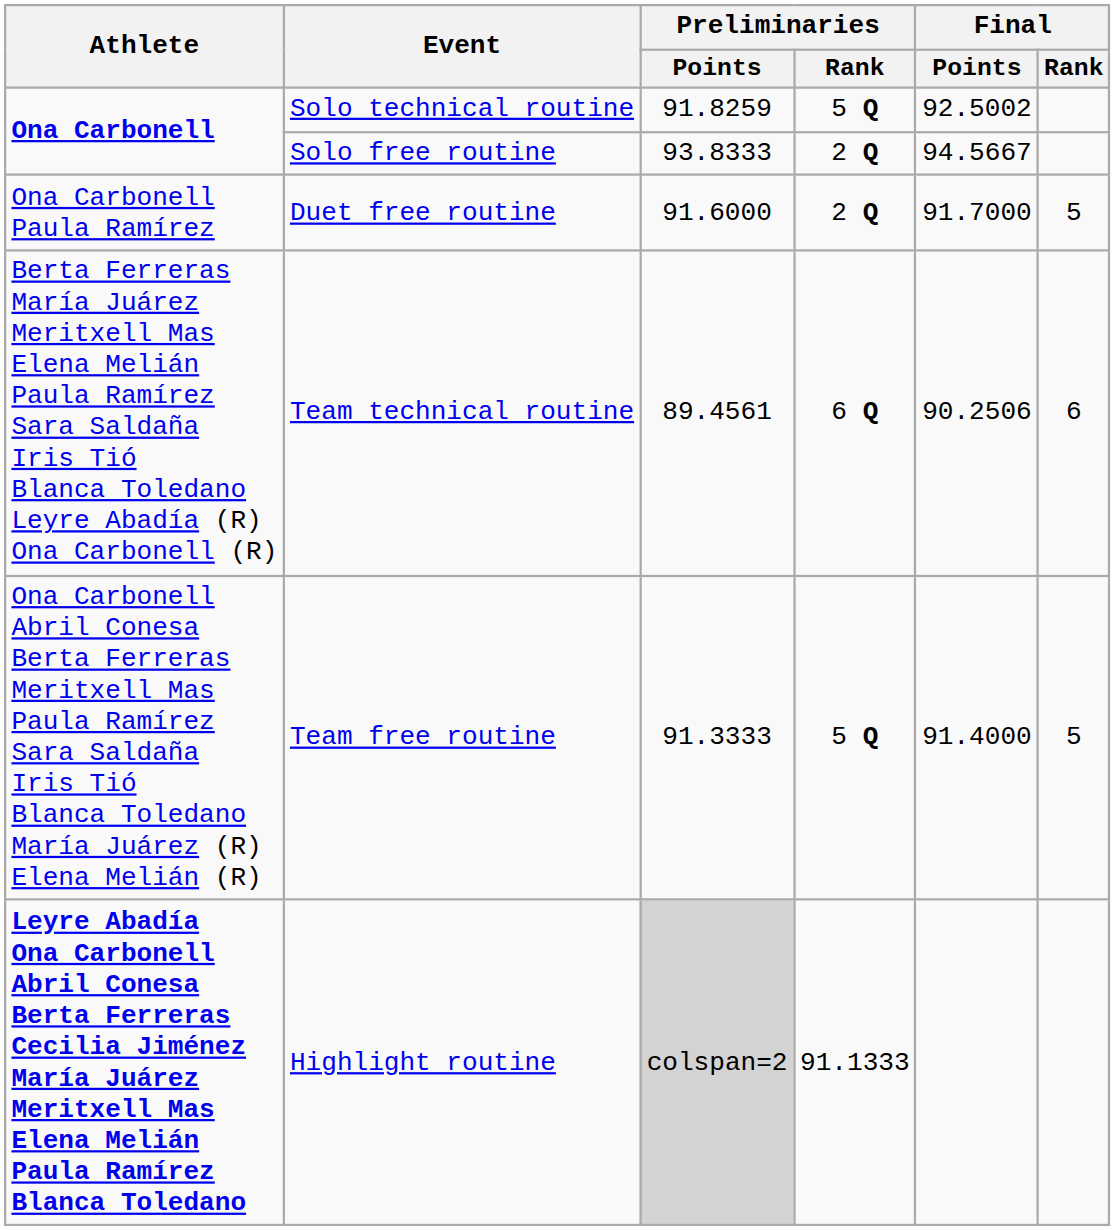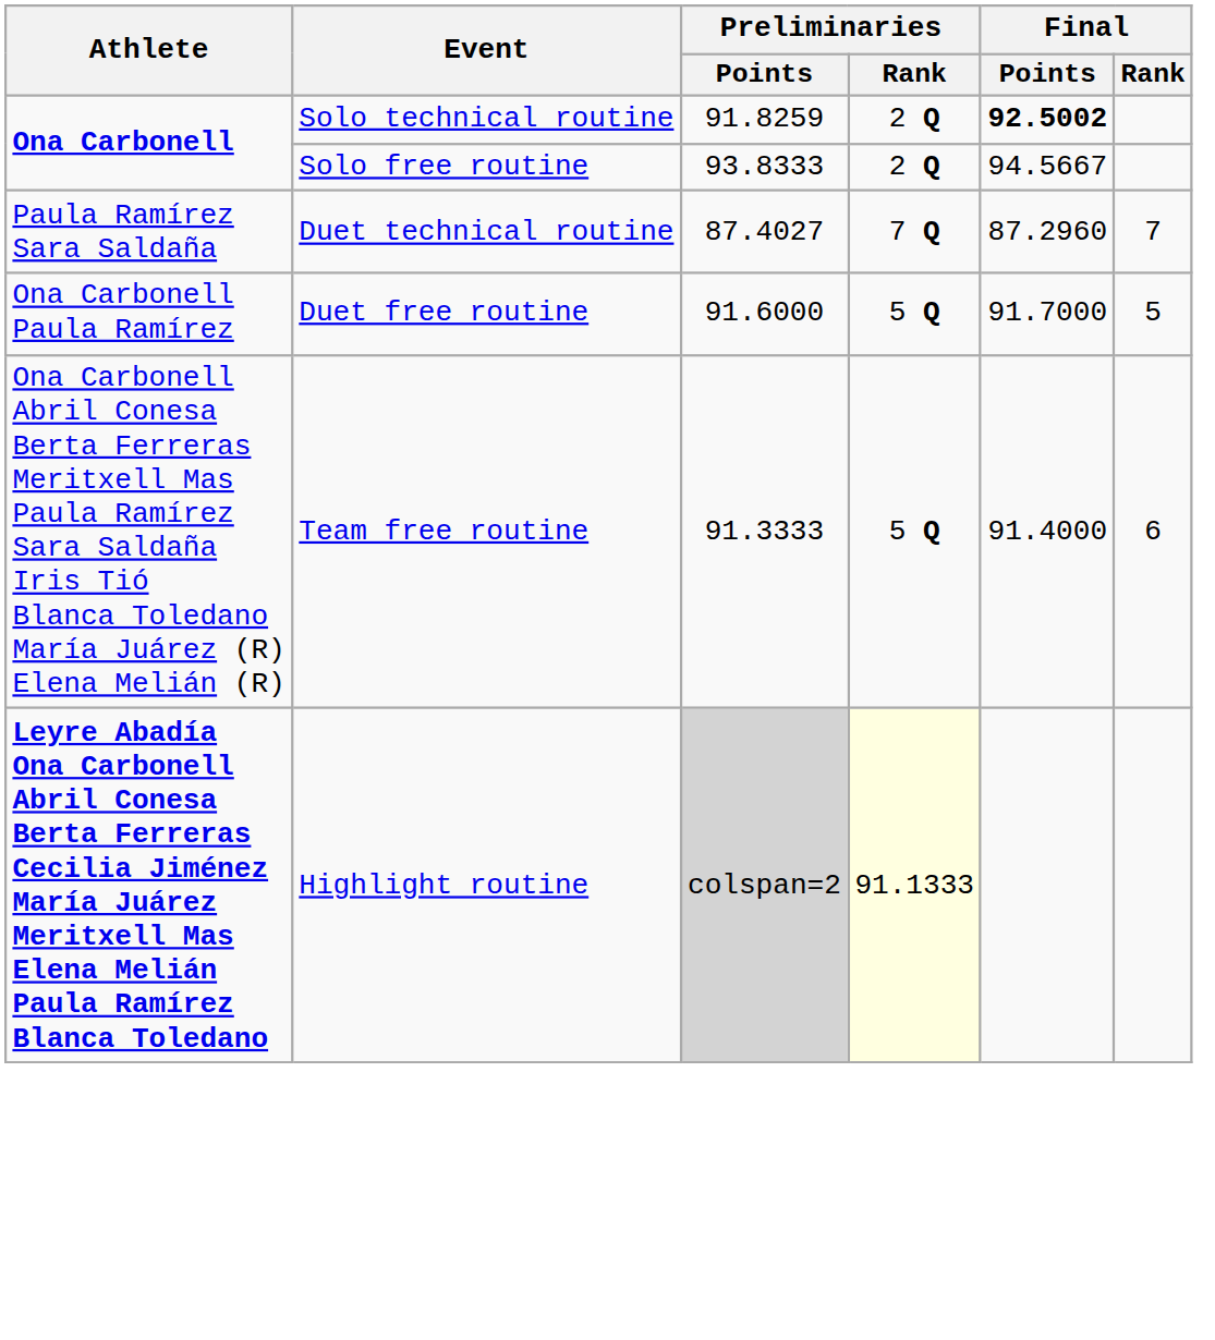 <table class=wikitable style="font-size:90%">
 <tr>
 <th rowspan="2">Athlete</th>
 <th rowspan="2">Event</th>
 <th colspan="2">Preliminaries</th>
 <th colspan="2">Final</th>
 </tr>
 <tr style="font-size:95%">
 <th>Points</th>
 <th>Rank</th>
 <th>Points</th>
 <th>Rank</th>
 </tr>
 <tr align=center>
 <td align=left rowspan=2><strong><a href='#'>Ona Carbonell</a></strong></td>
 <td align=left><a href='#'>Solo technical routine</a></td>
 <td>91.8259</td>
-<td>5 <strong>Q</strong></td>
-<td>92.5002</td>
+<td>2 <strong>Q</strong></td>
+<td><strong>92.5002</strong></td>
 <td></td>
 </tr>
 <tr align=center>
 <td align=left><a href='#'>Solo free routine</a></td>
 <td>93.8333</td>
 <td>2 <strong>Q</strong></td>
 <td>94.5667</td>
 <td></td>
 </tr>
 <tr align=center>
+<td align=left><a href='#'>Paula Ramírez</a><br><a href='#'>Sara Saldaña</a></td>
+<td align=left><a href='#'>Duet technical routine</a></td>
+<td>87.4027</td>
+<td>7 <strong>Q</strong></td>
+<td>87.2960</td>
+<td>7</td>
+</tr>
+<tr align=center>
 <td align=left><a href='#'>Ona Carbonell</a><br><a href='#'>Paula Ramírez</a></td>
 <td align=left><a href='#'>Duet free routine</a></td>
 <td>91.6000</td>
-<td>2 <strong>Q</strong></td>
+<td>5 <strong>Q</strong></td>
 <td>91.7000</td>
 <td>5</td>
-</tr>
-<tr align=center>
-<td align=left><a href='#'>Berta Ferreras</a><br><a href='#'>María Juárez</a><br><a href='#'>Meritxell Mas</a><br><a href='#'>Elena Melián</a><br><a href='#'>Paula Ramírez</a><br><a href='#'>Sara Saldaña</a><br><a href='#'>Iris Tió</a><br><a href='#'>Blanca Toledano</a><br><a href='#'>Leyre Abadía</a> (R)<br><a href='#'>Ona Carbonell</a> (R)</td>
-<td align=left><a href='#'>Team technical routine</a></td>
-<td>89.4561</td>
-<td>6 <strong>Q</strong></td>
-<td>90.2506</td>
-<td>6</td>
 </tr>
 <tr align=center>
 <td align=left><a href='#'>Ona Carbonell</a><br><a href='#'>Abril Conesa</a><br><a href='#'>Berta Ferreras</a><br><a href='#'>Meritxell Mas</a><br><a href='#'>Paula Ramírez</a><br><a href='#'>Sara Saldaña</a><br><a href='#'>Iris Tió</a><br><a href='#'>Blanca Toledano</a><br><a href='#'>María Juárez</a> (R)<br><a href='#'>Elena Melián</a> (R)</td>
 <td align=left><a href='#'>Team free routine</a></td>
 <td>91.3333</td>
 <td>5 <strong>Q</strong></td>
 <td>91.4000</td>
-<td>5</td>
+<td>6</td>
 </tr>
 <tr align=center>
 <td align=left><strong><a href='#'>Leyre Abadía</a><br><a href='#'>Ona Carbonell</a><br><a href='#'>Abril Conesa</a><br><a href='#'>Berta Ferreras</a><br><a href='#'>Cecilia Jiménez</a><br><a href='#'>María Juárez</a><br><a href='#'>Meritxell Mas</a><br><a href='#'>Elena Melián</a><br><a href='#'>Paula Ramírez</a><br><a href='#'>Blanca Toledano</a></strong></td>
 <td align=left><a href='#'>Highlight routine</a></td>
 <td style="background: lightgrey;">colspan=2 </td>
-<td>91.1333</td>
+<td style="background: lightyellow;">91.1333</td>
 <td></td>
 </tr>
 </table>
